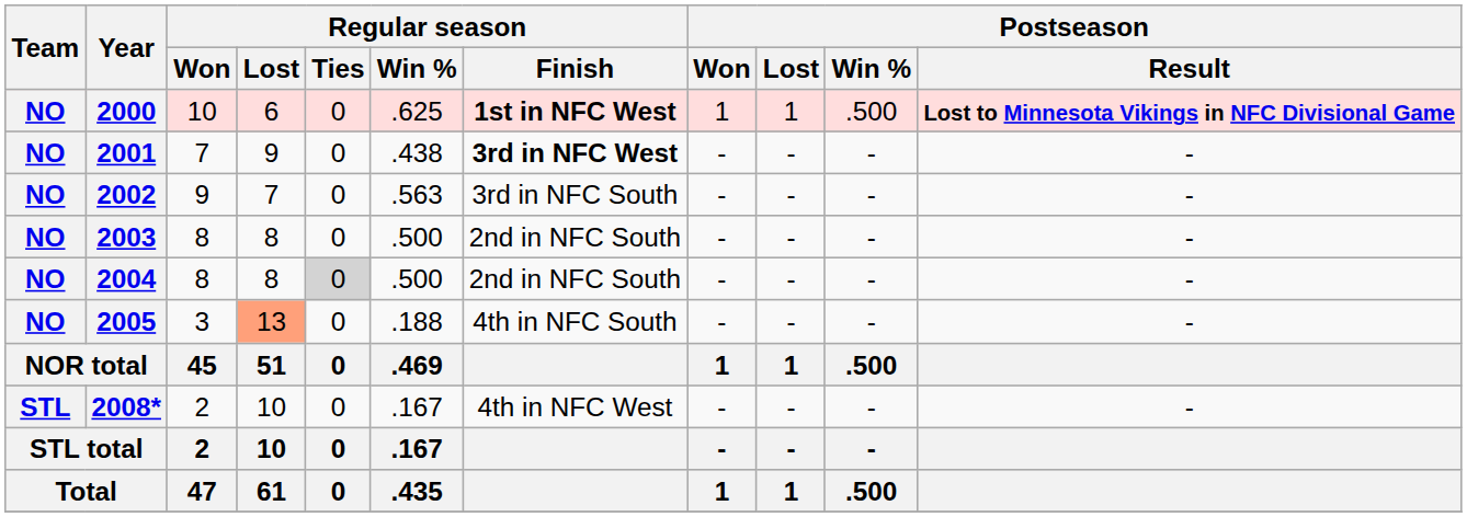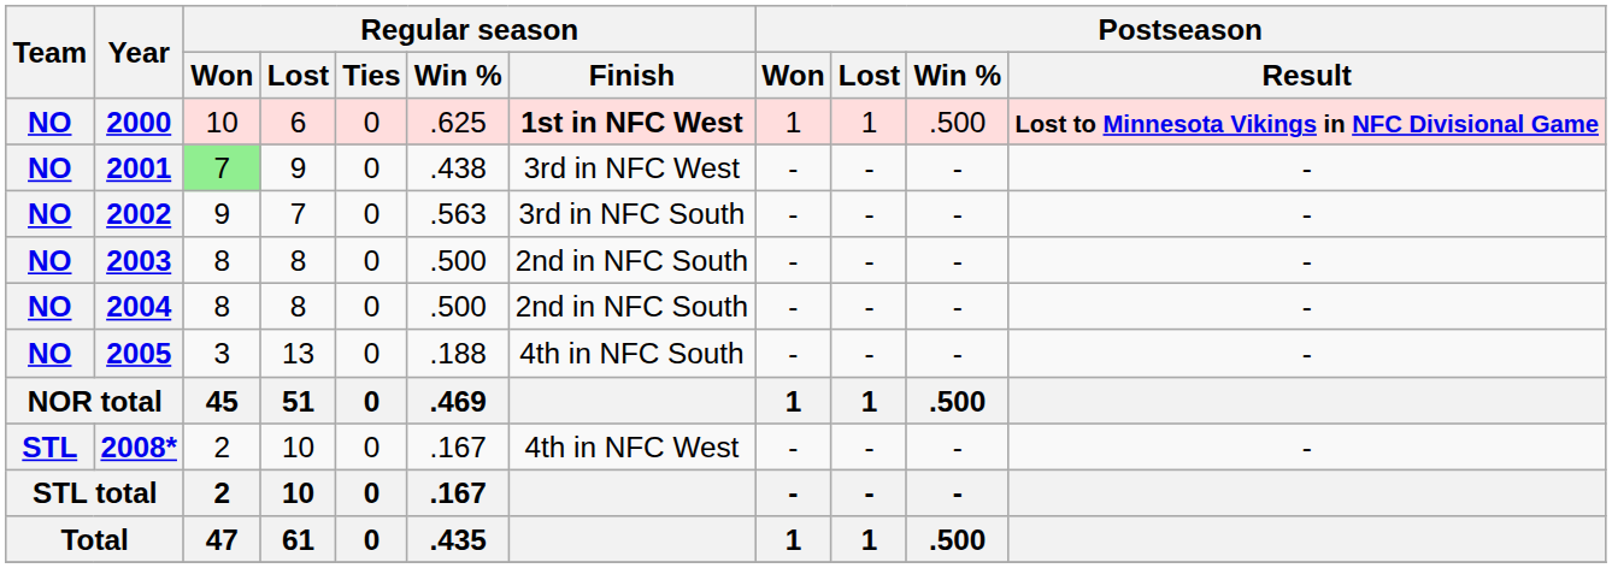 <table class="wikitable" style="font-size: 95%; text-align:center;">
 <tr>
 <th rowspan="2">Team</th>
 <th rowspan="2">Year</th>
 <th colspan="5">Regular season</th>
 <th colspan="4">Postseason</th>
 </tr>
 <tr>
 <th>Won</th>
 <th>Lost</th>
 <th>Ties</th>
 <th>Win %</th>
 <th>Finish</th>
 <th>Won</th>
 <th>Lost</th>
 <th>Win %</th>
 <th>Result</th>
 </tr>
 <tr ! style="background:#fdd;">
 <th><a href='#'>NO</a></th>
 <th><a href='#'>2000</a></th>
 <td>10</td>
 <td>6</td>
 <td>0</td>
 <td>.625</td>
 <td><strong>1st in NFC West</strong></td>
 <td>1</td>
 <td>1</td>
 <td>.500</td>
 <td><small><strong>Lost to <a href='#'>Minnesota Vikings</a> in <a href='#'>NFC Divisional Game</a></strong></small></td>
 </tr>
 <tr>
 <th><a href='#'>NO</a></th>
 <th><a href='#'>2001</a></th>
-<td>7</td>
+<td style="background: lightgreen;">7</td>
 <td>9</td>
 <td>0</td>
 <td>.438</td>
-<td><strong>3rd in NFC West</strong></td>
+<td>3rd in NFC West</td>
 <td>-</td>
 <td>-</td>
 <td>-</td>
 <td>-</td>
 </tr>
 <tr>
 <th><a href='#'>NO</a></th>
 <th><a href='#'>2002</a></th>
 <td>9</td>
 <td>7</td>
 <td>0</td>
 <td>.563</td>
 <td>3rd in NFC South</td>
 <td>-</td>
 <td>-</td>
 <td>-</td>
 <td>-</td>
 </tr>
 <tr>
 <th><a href='#'>NO</a></th>
 <th><a href='#'>2003</a></th>
 <td>8</td>
 <td>8</td>
 <td>0</td>
 <td>.500</td>
 <td>2nd in NFC South</td>
 <td>-</td>
 <td>-</td>
 <td>-</td>
 <td>-</td>
 </tr>
 <tr>
 <th><a href='#'>NO</a></th>
 <th><a href='#'>2004</a></th>
 <td>8</td>
 <td>8</td>
-<td style="background: lightgrey;">0</td>
+<td>0</td>
 <td>.500</td>
 <td>2nd in NFC South</td>
 <td>-</td>
 <td>-</td>
 <td>-</td>
 <td>-</td>
 </tr>
 <tr>
 <th><a href='#'>NO</a></th>
 <th><a href='#'>2005</a></th>
 <td>3</td>
-<td style="background: lightsalmon;">13</td>
+<td>13</td>
 <td>0</td>
 <td>.188</td>
 <td>4th in NFC South</td>
 <td>-</td>
 <td>-</td>
 <td>-</td>
 <td>-</td>
 </tr>
 <tr>
 <th colspan="2">NOR total</th>
 <th>45</th>
 <th>51</th>
 <th>0</th>
 <th>.469</th>
 <th></th>
 <th>1</th>
 <th>1</th>
 <th>.500</th>
 <th></th>
 </tr>
 <tr>
 <th><a href='#'>STL</a></th>
 <th><a href='#'>2008*</a></th>
 <td>2</td>
 <td>10</td>
 <td>0</td>
 <td>.167</td>
 <td>4th in NFC West</td>
 <td>-</td>
 <td>-</td>
 <td>-</td>
 <td>-<br></td>
 </tr>
 <tr>
 <th colspan="2">STL total</th>
 <th>2</th>
 <th>10</th>
 <th>0</th>
 <th>.167</th>
 <th></th>
 <th>-</th>
 <th>-</th>
 <th>-</th>
 <th></th>
 </tr>
 <tr>
 <th colspan="2">Total</th>
 <th>47</th>
 <th>61</th>
 <th>0</th>
 <th>.435</th>
 <th></th>
 <th>1</th>
 <th>1</th>
 <th>.500</th>
 <th></th>
 </tr>
 <tr>
 </tr>
 </table>
